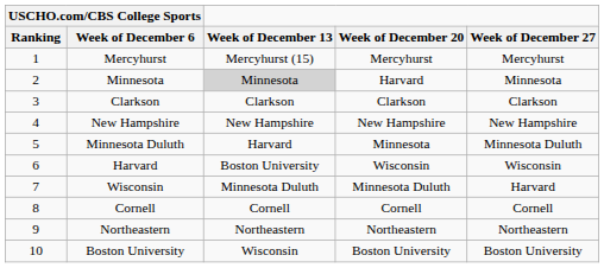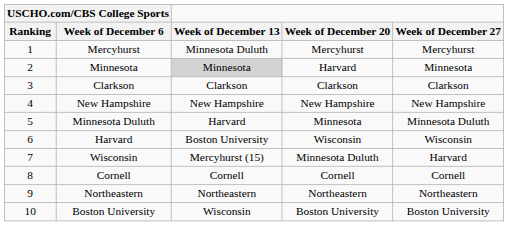 <table class="wikitable" style="text-align:center;">
 <tr>
 <th colspan=2><strong>USCHO.com/CBS College Sports</strong></th>
 </tr>
 <tr>
 <th>Ranking</th>
 <th>Week of December 6</th>
 <th>Week of December 13</th>
 <th>Week of December 20</th>
 <th>Week of December 27</th>
 </tr>
 <tr>
 <td>1</td>
 <td>Mercyhurst</td>
-<td>Mercyhurst (15)</td>
+<td>Minnesota Duluth</td>
 <td>Mercyhurst</td>
 <td>Mercyhurst</td>
 </tr>
 <tr>
 <td>2</td>
 <td>Minnesota</td>
 <td style="background: lightgrey;">Minnesota</td>
 <td>Harvard</td>
 <td>Minnesota</td>
 </tr>
 <tr>
 <td>3</td>
 <td>Clarkson</td>
 <td>Clarkson</td>
 <td>Clarkson</td>
 <td>Clarkson</td>
 </tr>
 <tr>
 <td>4</td>
 <td>New Hampshire</td>
 <td>New Hampshire</td>
 <td>New Hampshire</td>
 <td>New Hampshire</td>
 </tr>
 <tr>
 <td>5</td>
 <td>Minnesota Duluth</td>
 <td>Harvard</td>
 <td>Minnesota</td>
 <td>Minnesota Duluth</td>
 </tr>
 <tr>
 <td>6</td>
 <td>Harvard</td>
 <td>Boston University</td>
 <td>Wisconsin</td>
 <td>Wisconsin</td>
 </tr>
 <tr>
 <td>7</td>
 <td>Wisconsin</td>
-<td>Minnesota Duluth</td>
+<td>Mercyhurst (15)</td>
 <td>Minnesota Duluth</td>
 <td>Harvard</td>
 </tr>
 <tr>
 <td>8</td>
 <td>Cornell</td>
 <td>Cornell</td>
 <td>Cornell</td>
 <td>Cornell</td>
 </tr>
 <tr>
 <td>9</td>
 <td>Northeastern</td>
 <td>Northeastern</td>
 <td>Northeastern</td>
 <td>Northeastern</td>
 </tr>
 <tr>
 <td>10</td>
 <td>Boston University</td>
 <td>Wisconsin</td>
 <td>Boston University</td>
 <td>Boston University</td>
 </tr>
 </table>
